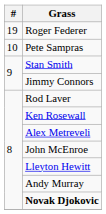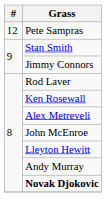 <table class="wikitable" style="display:inline-table;">
 <tr>
 <th width=20>#</th>
 <th>Grass</th>
 </tr>
 <tr>
-<td>19</td>
-<td> Roger Federer</td>
-</tr>
-<tr>
-<td>10</td>
+<td>12</td>
 <td> Pete Sampras</td>
 </tr>
 <tr>
 <td rowspan="2">9</td>
 <td> <a href='#'>Stan Smith</a></td>
 </tr>
 <tr>
 <td> Jimmy Connors</td>
 </tr>
 <tr>
 <td rowspan="7">8</td>
 <td> Rod Laver</td>
 </tr>
 <tr>
 <td> <a href='#'>Ken Rosewall</a></td>
 </tr>
 <tr>
 <td> <a href='#'>Alex Metreveli</a></td>
 </tr>
 <tr>
 <td> John McEnroe</td>
 </tr>
 <tr>
 <td> <a href='#'>Lleyton Hewitt</a></td>
 </tr>
 <tr>
 <td> Andy Murray</td>
 </tr>
 <tr>
 <td> <strong>Novak Djokovic</strong></td>
 </tr>
 <tr>
 </tr>
 </table>
